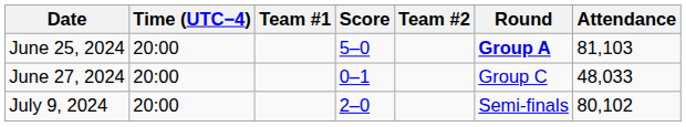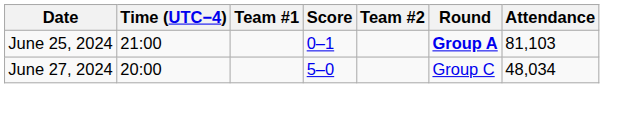 <table class="wikitable sortable">
 <tr>
 <th style="text-align:center;">Date</th>
 <th style="text-align:center;">Time (<a href='#'>UTC−4</a>)</th>
 <th style="text-align:center;">Team #1</th>
 <th style="text-align:center;">Score</th>
 <th style="text-align:center;">Team #2</th>
 <th style="text-align:center;">Round</th>
 <th>Attendance</th>
 </tr>
 <tr>
 <td>June 25, 2024</td>
-<td>20:00</td>
+<td>21:00</td>
 <td></td>
-<td><a href='#'>5–0</a></td>
+<td><a href='#'>0–1</a></td>
 <td><strong></strong></td>
 <td><strong><a href='#'>Group A</a></strong></td>
 <td>81,103</td>
 </tr>
 <tr>
 <td>June 27, 2024</td>
 <td>20:00</td>
 <td><strong></strong></td>
-<td><a href='#'>0–1</a></td>
+<td><a href='#'>5–0</a></td>
 <td></td>
 <td><a href='#'>Group C</a></td>
-<td>48,033</td>
-</tr>
-<tr>
-<td>July 9, 2024</td>
-<td>20:00</td>
-<td><strong></strong></td>
-<td><a href='#'>2–0</a></td>
-<td></td>
-<td><a href='#'>Semi-finals</a></td>
-<td>80,102</td>
+<td>48,034</td>
 </tr>
 </table>
